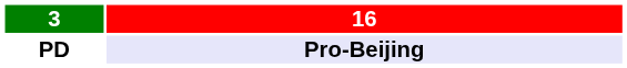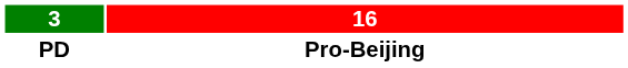 <table style="width:50%; text-align:center;">
 <tr style="color:white;">
 <td style="background:green; width:16%;"><strong>3</strong></td>
 <td style="background:red; width:84%;"><strong>16</strong></td>
 </tr>
 <tr>
 <td><span><strong>PD</strong></span></td>
-<td style="background: lavender;"><span><strong>Pro-Beijing</strong></span></td>
+<td><span><strong>Pro-Beijing</strong></span></td>
 </tr>
 </table>
